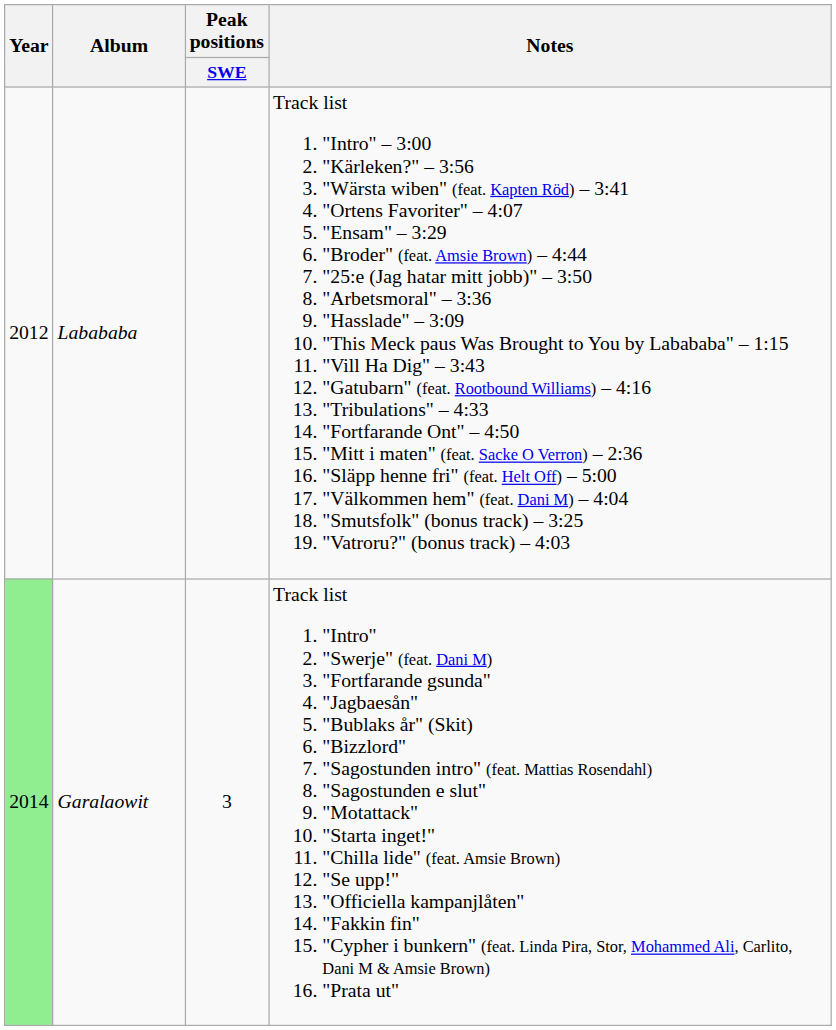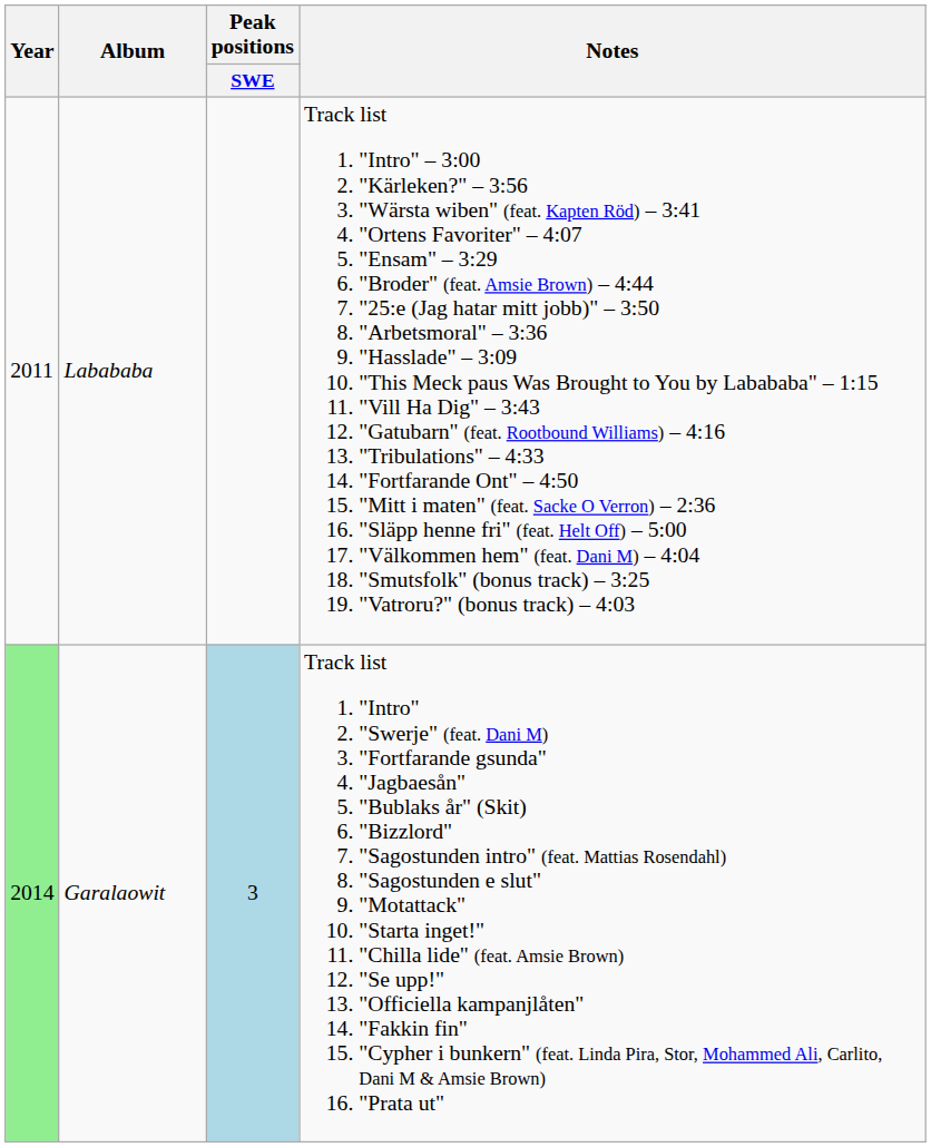 <table class="wikitable">
 <tr>
 <th align="center" rowspan="2" width="10">Year</th>
 <th align="center" rowspan="2" width="100">Album</th>
 <th align="center" colspan="1" width="20">Peak positions</th>
 <th align="center" rowspan="2" width="450">Notes</th>
 </tr>
 <tr>
 <th scope="col" style="width:3em;font-size:90%;"><a href='#'>SWE</a><br></th>
 </tr>
 <tr>
-<td>2012</td>
+<td>2011</td>
 <td><em>Labababa</em></td>
 <td style="text-align:center;"></td>
 <td>Track list<br><ol><li>"Intro" – 3:00</li><li>"Kärleken?" – 3:56</li><li>"Wärsta wiben" <small>(feat. <a href='#'>Kapten Röd</a>)</small> – 3:41</li><li>"Ortens Favoriter" – 4:07</li><li>"Ensam" – 3:29</li><li>"Broder" <small>(feat. <a href='#'>Amsie Brown</a>)</small> – 4:44</li><li>"25:e (Jag hatar mitt jobb)" – 3:50</li><li>"Arbetsmoral" – 3:36</li><li>"Hasslade" – 3:09</li><li>"This Meck paus Was Brought to You by Labababa" – 1:15</li><li>"Vill Ha Dig" – 3:43</li><li>"Gatubarn" <small>(feat. <a href='#'>Rootbound Williams</a>)</small> – 4:16</li><li>"Tribulations" – 4:33</li><li>"Fortfarande Ont" – 4:50</li><li>"Mitt i maten" <small>(feat. <a href='#'>Sacke O Verron</a>)</small> – 2:36</li><li>"Släpp henne fri" <small>(feat. <a href='#'>Helt Off</a>)</small> – 5:00</li><li>"Välkommen hem" <small>(feat. <a href='#'>Dani M</a>)</small> – 4:04</li><li>"Smutsfolk" (bonus track) – 3:25</li><li>"Vatroru?" (bonus track) – 4:03</li></ol></td>
 </tr>
 <tr>
 <td style="background: lightgreen;">2014</td>
 <td><em>Garalaowit</em></td>
-<td style="text-align:center;">3</td>
+<td style="background: lightblue; text-align:center;">3</td>
 <td>Track list<br><ol><li>"Intro"</li><li>"Swerje" <small>(feat. <a href='#'>Dani M</a>)</small></li><li>"Fortfarande gsunda"</li><li>"Jagbaesån"</li><li>"Bublaks år" (Skit)</li><li>"Bizzlord"</li><li>"Sagostunden intro" <small>(feat. Mattias Rosendahl)</small></li><li>"Sagostunden e slut"</li><li>"Motattack"</li><li>"Starta inget!"</li><li>"Chilla lide" <small>(feat. Amsie Brown)</small></li><li>"Se upp!"</li><li>"Officiella kampanjlåten"</li><li>"Fakkin fin"</li><li>"Cypher i bunkern" <small>(feat. Linda Pira, Stor, <a href='#'>Mohammed Ali</a>, Carlito, Dani M & Amsie Brown)</small></li><li>"Prata ut"</li></ol></td>
 </tr>
 <tr>
 </tr>
 </table>
